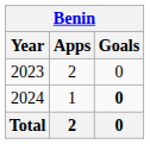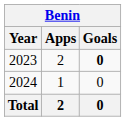 <table class=wikitable style=text-align:center>
 <tr>
 <th colspan=4><a href='#'>Benin</a></th>
 </tr>
 <tr>
 <th>Year</th>
 <th>Apps</th>
 <th>Goals</th>
 </tr>
 <tr>
 <td>2023</td>
 <td>2</td>
-<td>0</td>
+<td><strong>0</strong></td>
 </tr>
 <tr>
 <td>2024</td>
 <td>1</td>
-<td><strong>0</strong></td>
+<td>0</td>
 </tr>
 <tr>
 <th colspan=1>Total</th>
 <th>2</th>
 <th>0</th>
 </tr>
 </table>
